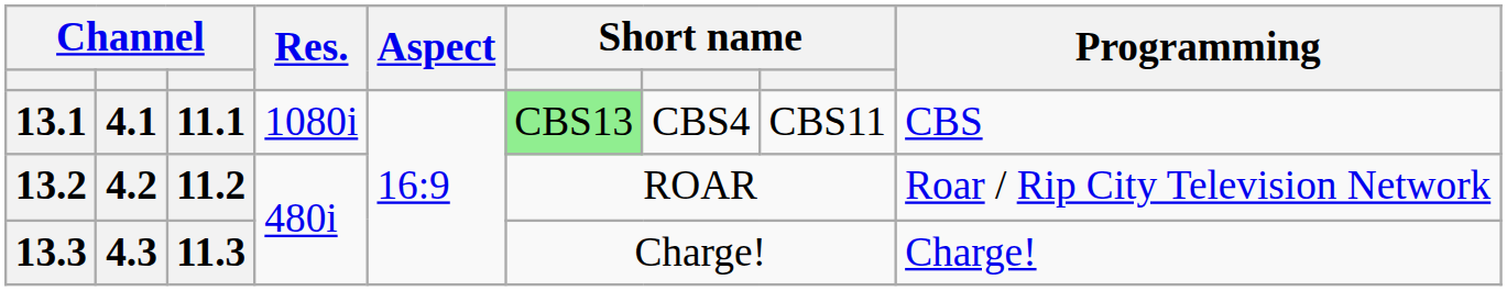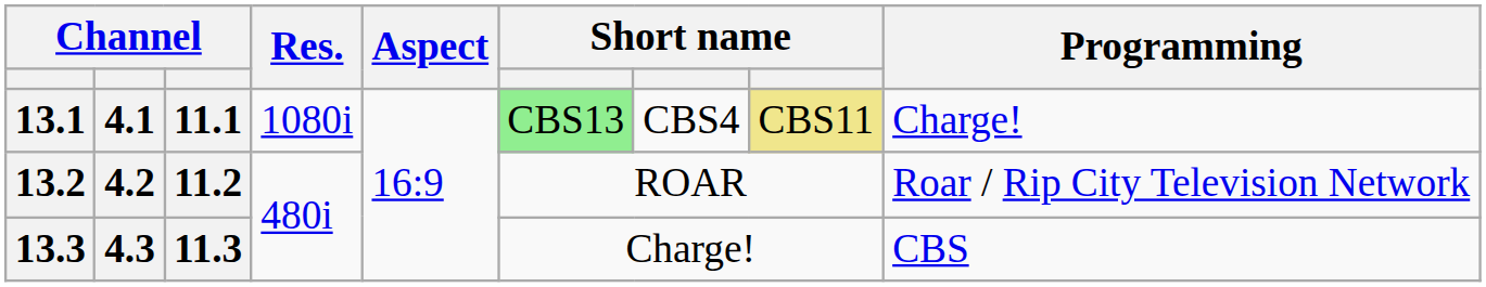 <table class="wikitable">
 <tr>
 <th scope = "col" colspan="3"><a href='#'>Channel</a></th>
 <th scope = "col" rowspan="2"><a href='#'>Res.</a></th>
 <th scope = "col" rowspan="2"><a href='#'>Aspect</a></th>
 <th scope = "col" colspan="3">Short name</th>
 <th scope = "col" rowspan="2">Programming</th>
 </tr>
 <tr>
 <th scope = col></th>
 <th></th>
 <th></th>
 <th></th>
 <th></th>
 <th></th>
 </tr>
 <tr>
 <th scope = "row">13.1</th>
 <th>4.1</th>
 <th>11.1</th>
 <td><a href='#'>1080i</a></td>
 <td rowspan="3"><a href='#'>16:9</a></td>
 <td style="background: lightgreen;">CBS13</td>
 <td>CBS4</td>
-<td>CBS11</td>
-<td><a href='#'>CBS</a></td>
+<td style="background: khaki;">CBS11</td>
+<td><a href='#'>Charge!</a></td>
 </tr>
 <tr>
 <th scope = "row">13.2</th>
 <th>4.2</th>
 <th>11.2</th>
 <td rowspan=2><a href='#'>480i</a></td>
 <td colspan="3" style="text-align: center;">ROAR</td>
 <td><a href='#'>Roar</a> / <a href='#'>Rip City Television Network</a></td>
 </tr>
 <tr>
 <th scope = "row">13.3</th>
 <th>4.3</th>
 <th>11.3</th>
 <td colspan="3" style="text-align: center;">Charge!</td>
-<td><a href='#'>Charge!</a></td>
+<td><a href='#'>CBS</a></td>
 </tr>
 </table>
